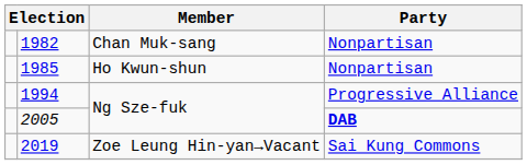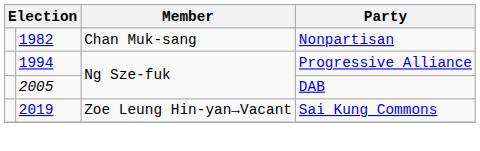 <table class="wikitable">
 <tr>
 <th colspan="2">Election</th>
 <th>Member</th>
 <th>Party</th>
 </tr>
 <tr>
 <td style="color:inherit;background:"></td>
 <td><a href='#'>1982</a></td>
 <td>Chan Muk-sang</td>
 <td><a href='#'>Nonpartisan</a></td>
 </tr>
 <tr>
 <td style="color:inherit;background:"></td>
-<td><a href='#'>1985</a></td>
-<td>Ho Kwun-shun</td>
-<td><a href='#'>Nonpartisan</a></td>
-</tr>
-<tr>
-<td style="color:inherit;background:"></td>
 <td><a href='#'>1994</a></td>
 <td rowspan=2>Ng Sze-fuk</td>
 <td><a href='#'>Progressive Alliance</a></td>
 </tr>
 <tr>
 <td style="color:inherit;background:"></td>
 <td><em>2005</em></td>
-<td><strong><a href='#'>DAB</a></strong></td>
+<td><a href='#'>DAB</a></td>
 </tr>
 <tr>
 <td style="color:inherit;background:"></td>
 <td><a href='#'>2019</a></td>
 <td>Zoe Leung Hin-yan→Vacant</td>
 <td><a href='#'>Sai Kung Commons</a></td>
 </tr>
 <tr>
 </tr>
 </table>
